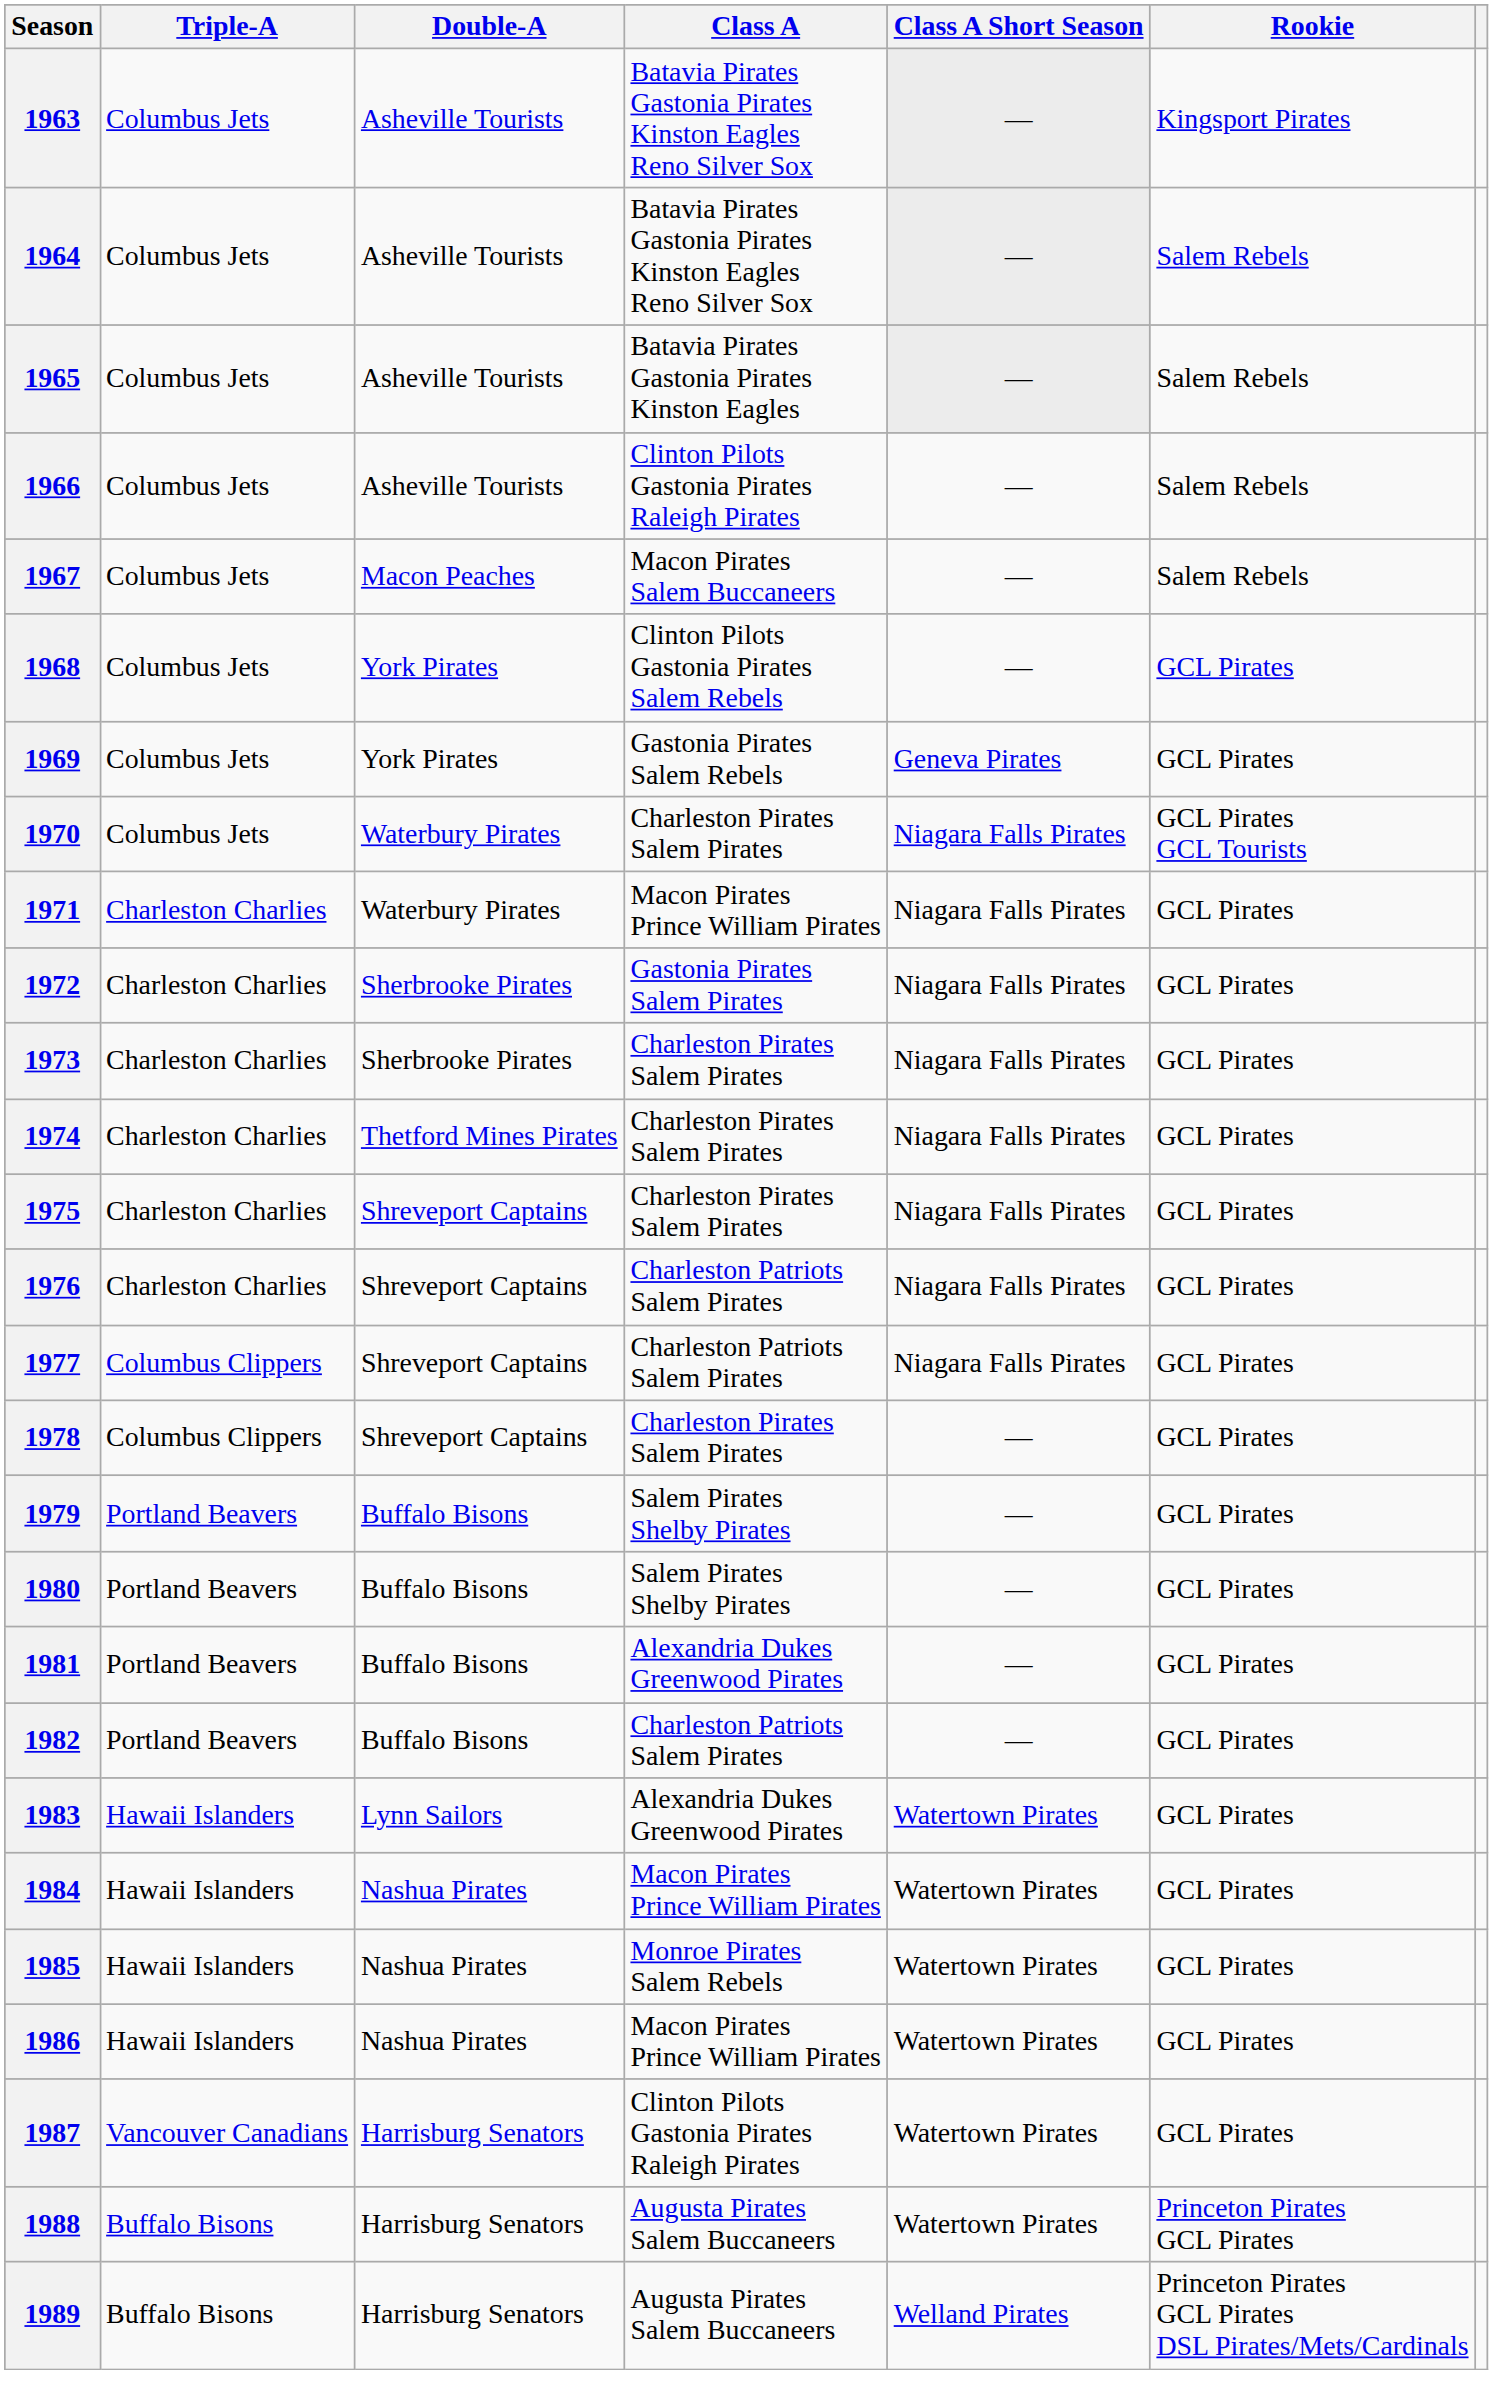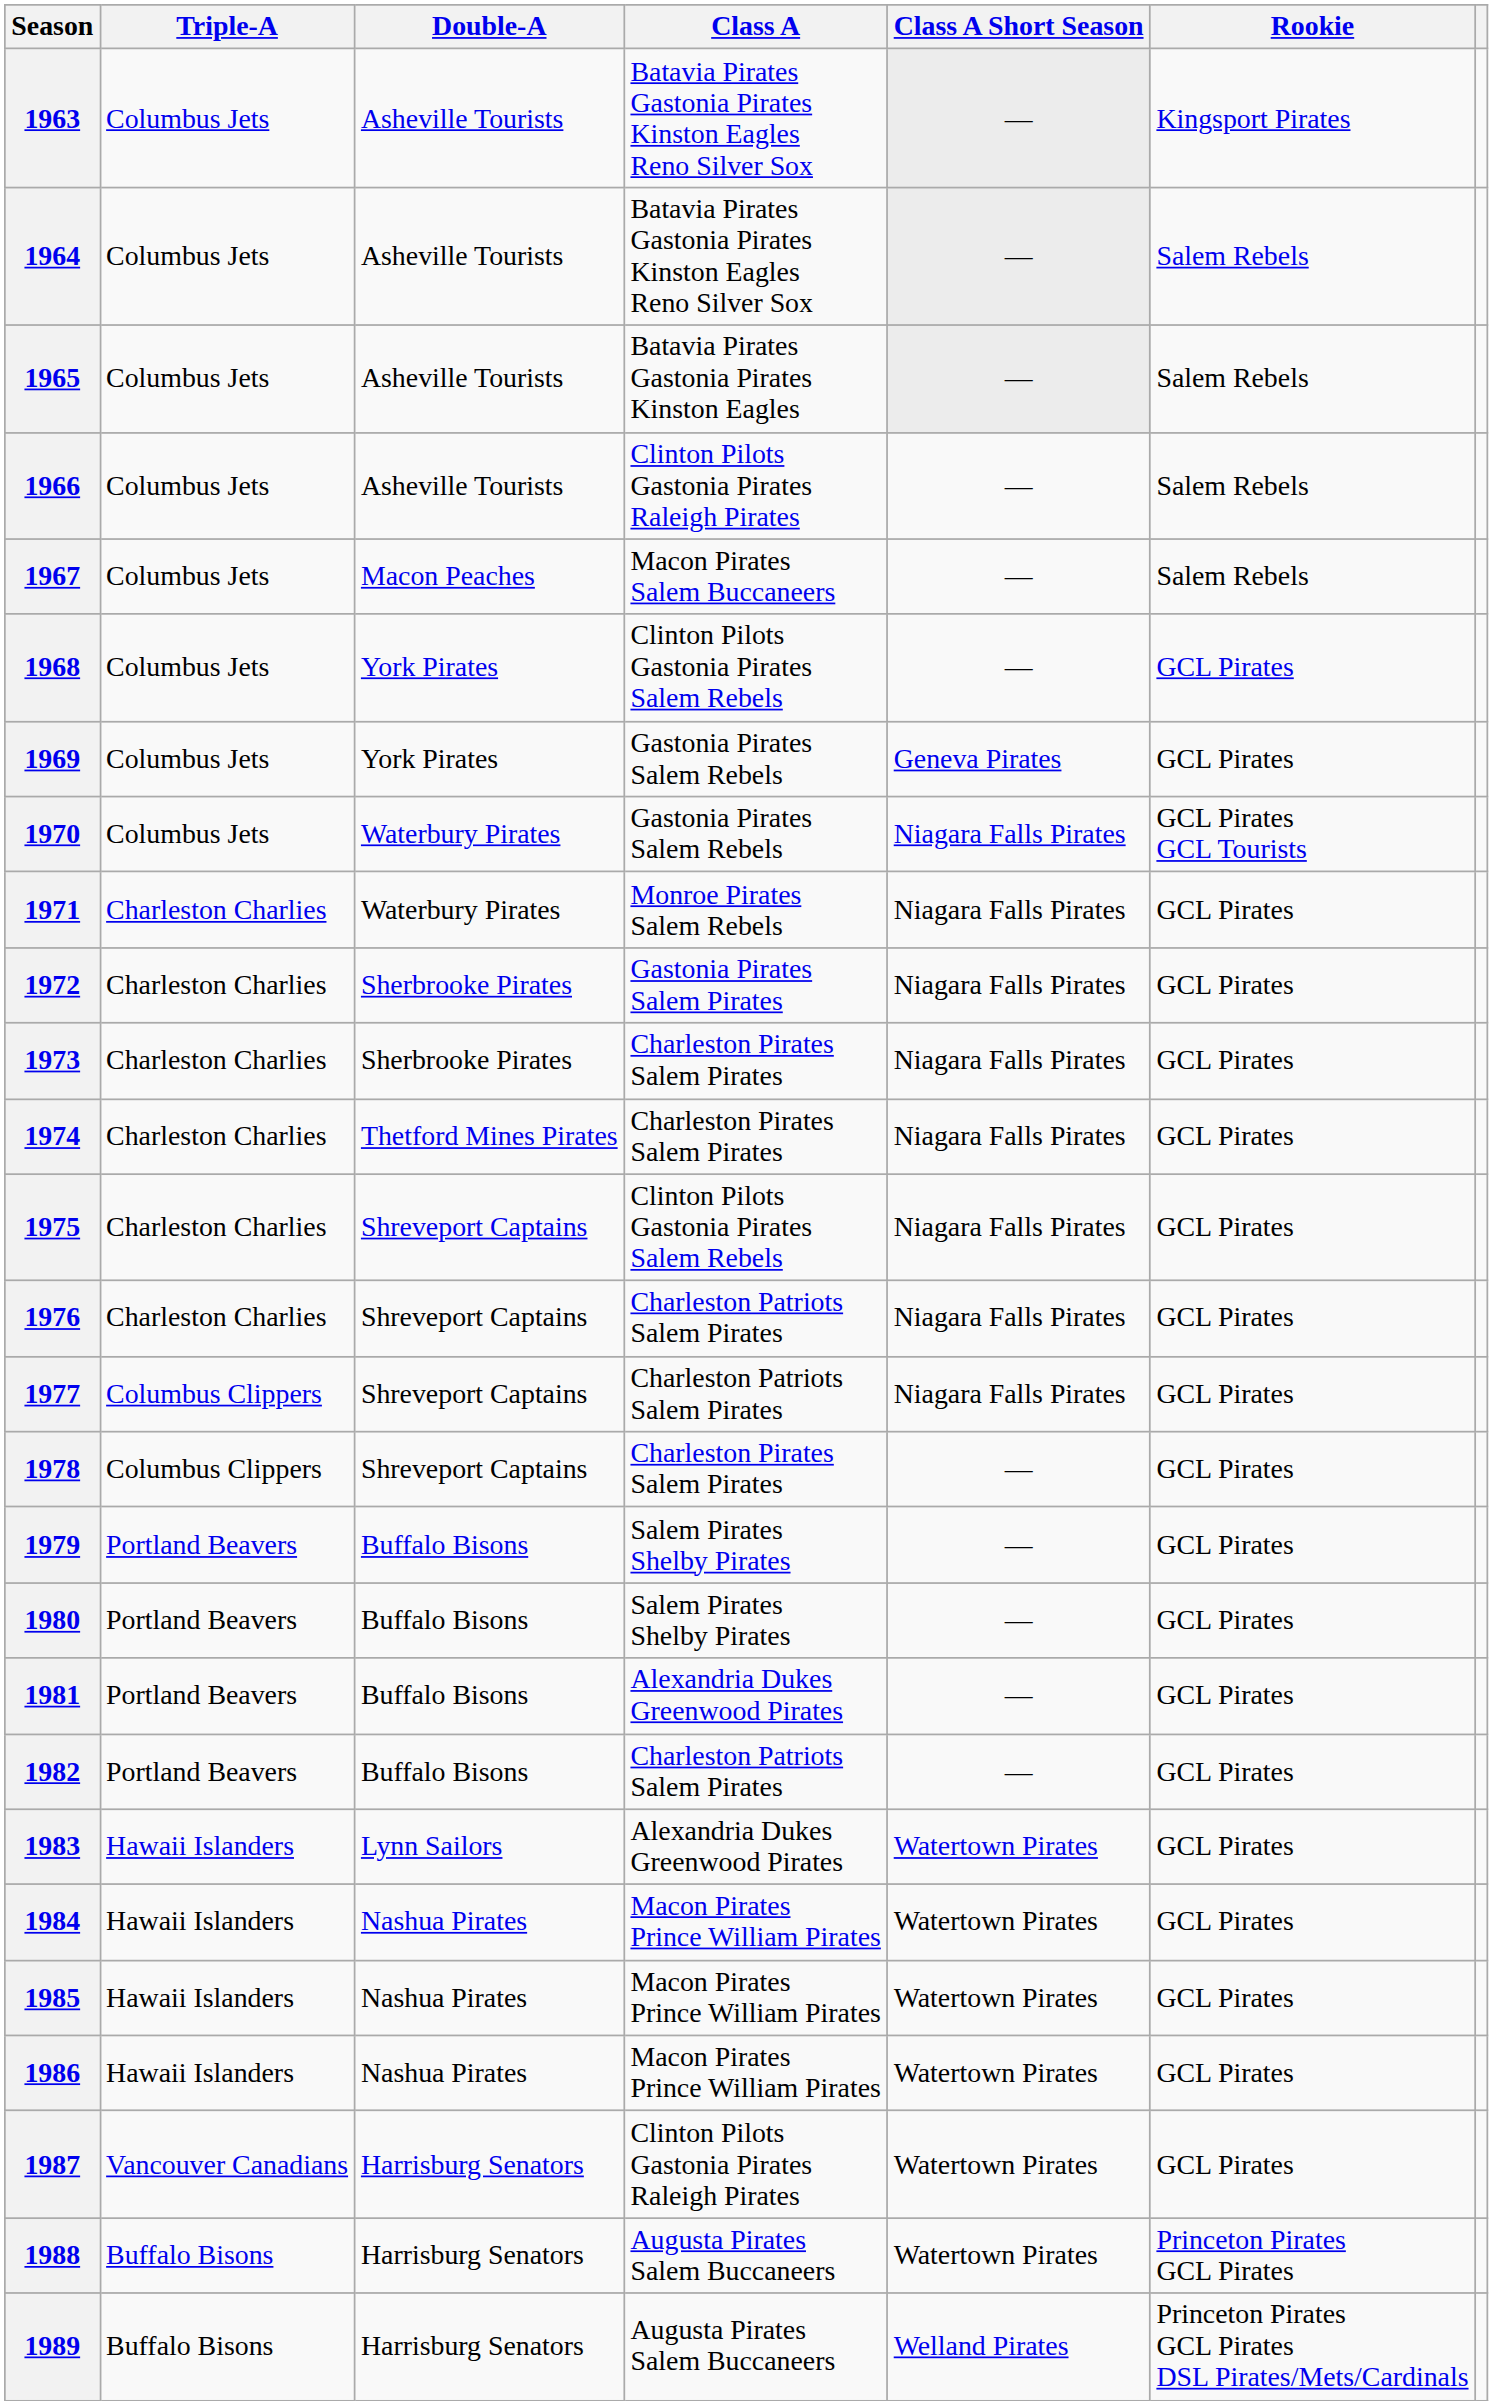 <table class="wikitable plainrowheaders">
 <tr>
 <th scope="col">Season</th>
 <th scope="col"><a href='#'><span>Triple-A</span></a></th>
 <th scope="col"><a href='#'><span>Double-A</span></a></th>
 <th scope="col"><a href='#'><span>Class A</span></a></th>
 <th scope="col"><a href='#'><span>Class A Short Season</span></a></th>
 <th scope="col"><a href='#'><span>Rookie</span></a></th>
 <th scope="col"></th>
 </tr>
 <tr>
 <th scope="row" style="text-align:center"><a href='#'>1963</a></th>
 <td><a href='#'>Columbus Jets</a></td>
 <td><a href='#'>Asheville Tourists</a></td>
 <td><a href='#'>Batavia Pirates</a><br><a href='#'>Gastonia Pirates</a><br><a href='#'>Kinston Eagles</a><br><a href='#'>Reno Silver Sox</a></td>
 <td style="background:#ececec" align="center">—</td>
 <td><a href='#'>Kingsport Pirates</a></td>
 <td align="center"></td>
 </tr>
 <tr>
 <th scope="row" style="text-align:center"><a href='#'>1964</a></th>
 <td>Columbus Jets</td>
 <td>Asheville Tourists</td>
 <td>Batavia Pirates<br>Gastonia Pirates<br>Kinston Eagles<br>Reno Silver Sox</td>
 <td style="background:#ececec" align="center">—</td>
 <td><a href='#'>Salem Rebels</a></td>
 <td align="center"></td>
 </tr>
 <tr>
 <th scope="row" style="text-align:center"><a href='#'>1965</a></th>
 <td>Columbus Jets</td>
 <td>Asheville Tourists</td>
 <td>Batavia Pirates<br>Gastonia Pirates<br>Kinston Eagles</td>
 <td style="background:#ececec" align="center">—</td>
 <td>Salem Rebels</td>
 <td align="center"></td>
 </tr>
 <tr>
 <th scope="row" style="text-align:center"><a href='#'>1966</a></th>
 <td>Columbus Jets</td>
 <td>Asheville Tourists</td>
 <td><a href='#'>Clinton Pilots</a><br>Gastonia Pirates<br><a href='#'>Raleigh Pirates</a></td>
 <td align="center">—</td>
 <td>Salem Rebels</td>
 <td align="center"></td>
 </tr>
 <tr>
 <th scope="row" style="text-align:center"><a href='#'>1967</a></th>
 <td>Columbus Jets</td>
 <td><a href='#'>Macon Peaches</a></td>
 <td>Macon Pirates<br><a href='#'>Salem Buccaneers</a></td>
 <td align="center">—</td>
 <td>Salem Rebels</td>
 <td align="center"></td>
 </tr>
 <tr>
 <th scope="row" style="text-align:center"><a href='#'>1968</a></th>
 <td>Columbus Jets</td>
 <td><a href='#'>York Pirates</a></td>
 <td>Clinton Pilots<br>Gastonia Pirates<br><a href='#'>Salem Rebels</a></td>
 <td align="center">—</td>
 <td><a href='#'>GCL Pirates</a></td>
 <td align="center"></td>
 </tr>
 <tr>
 <th scope="row" style="text-align:center"><a href='#'>1969</a></th>
 <td>Columbus Jets</td>
 <td>York Pirates</td>
 <td>Gastonia Pirates<br>Salem Rebels</td>
 <td><a href='#'>Geneva Pirates</a></td>
 <td>GCL Pirates</td>
 <td align="center"></td>
 </tr>
 <tr>
 <th scope="row" style="text-align:center"><a href='#'>1970</a></th>
 <td>Columbus Jets</td>
 <td><a href='#'>Waterbury Pirates</a></td>
-<td>Charleston Pirates<br>Salem Pirates</td>
+<td>Gastonia Pirates<br>Salem Rebels</td>
 <td><a href='#'>Niagara Falls Pirates</a></td>
 <td>GCL Pirates<br><a href='#'>GCL Tourists</a></td>
 <td align="center"></td>
 </tr>
 <tr>
 <th scope="row" style="text-align:center"><a href='#'>1971</a></th>
 <td><a href='#'>Charleston Charlies</a></td>
 <td>Waterbury Pirates</td>
-<td>Macon Pirates<br>Prince William Pirates</td>
+<td><a href='#'>Monroe Pirates</a><br>Salem Rebels</td>
 <td>Niagara Falls Pirates</td>
 <td>GCL Pirates</td>
 <td align="center"></td>
 </tr>
 <tr>
 <th scope="row" style="text-align:center"><a href='#'>1972</a></th>
 <td>Charleston Charlies</td>
 <td><a href='#'>Sherbrooke Pirates</a></td>
 <td><a href='#'>Gastonia Pirates</a><br><a href='#'>Salem Pirates</a></td>
 <td>Niagara Falls Pirates</td>
 <td>GCL Pirates</td>
 <td align="center"></td>
 </tr>
 <tr>
 <th scope="row" style="text-align:center"><a href='#'>1973</a></th>
 <td>Charleston Charlies</td>
 <td>Sherbrooke Pirates</td>
 <td><a href='#'>Charleston Pirates</a><br>Salem Pirates</td>
 <td>Niagara Falls Pirates</td>
 <td>GCL Pirates</td>
 <td align="center"></td>
 </tr>
 <tr>
 <th scope="row" style="text-align:center"><a href='#'>1974</a></th>
 <td>Charleston Charlies</td>
 <td><a href='#'>Thetford Mines Pirates</a></td>
 <td>Charleston Pirates<br>Salem Pirates</td>
 <td>Niagara Falls Pirates</td>
 <td>GCL Pirates</td>
 <td align="center"></td>
 </tr>
 <tr>
 <th scope="row" style="text-align:center"><a href='#'>1975</a></th>
 <td>Charleston Charlies</td>
 <td><a href='#'>Shreveport Captains</a></td>
-<td>Charleston Pirates<br>Salem Pirates</td>
+<td>Clinton Pilots<br>Gastonia Pirates<br><a href='#'>Salem Rebels</a></td>
 <td>Niagara Falls Pirates</td>
 <td>GCL Pirates</td>
 <td align="center"></td>
 </tr>
 <tr>
 <th scope="row" style="text-align:center"><a href='#'>1976</a></th>
 <td>Charleston Charlies</td>
 <td>Shreveport Captains</td>
 <td><a href='#'>Charleston Patriots</a><br>Salem Pirates</td>
 <td>Niagara Falls Pirates</td>
 <td>GCL Pirates</td>
 <td align="center"></td>
 </tr>
 <tr>
 <th scope="row" style="text-align:center"><a href='#'>1977</a></th>
 <td><a href='#'>Columbus Clippers</a></td>
 <td>Shreveport Captains</td>
 <td>Charleston Patriots<br>Salem Pirates</td>
 <td>Niagara Falls Pirates</td>
 <td>GCL Pirates</td>
 <td align="center"></td>
 </tr>
 <tr>
 <th scope="row" style="text-align:center"><a href='#'>1978</a></th>
 <td>Columbus Clippers</td>
 <td>Shreveport Captains</td>
 <td><a href='#'>Charleston Pirates</a><br>Salem Pirates</td>
 <td align="center">—</td>
 <td>GCL Pirates</td>
 <td align="center"></td>
 </tr>
 <tr>
 <th scope="row" style="text-align:center"><a href='#'>1979</a></th>
 <td><a href='#'>Portland Beavers</a></td>
 <td><a href='#'>Buffalo Bisons</a></td>
 <td>Salem Pirates<br><a href='#'>Shelby Pirates</a></td>
 <td align="center">—</td>
 <td>GCL Pirates</td>
 <td align="center"></td>
 </tr>
 <tr>
 <th scope="row" style="text-align:center"><a href='#'>1980</a></th>
 <td>Portland Beavers</td>
 <td>Buffalo Bisons</td>
 <td>Salem Pirates<br>Shelby Pirates</td>
 <td align="center">—</td>
 <td>GCL Pirates</td>
 <td align="center"></td>
 </tr>
 <tr>
 <th scope="row" style="text-align:center"><a href='#'>1981</a></th>
 <td>Portland Beavers</td>
 <td>Buffalo Bisons</td>
 <td><a href='#'>Alexandria Dukes</a><br><a href='#'>Greenwood Pirates</a></td>
 <td align="center">—</td>
 <td>GCL Pirates</td>
 <td align="center"></td>
 </tr>
 <tr>
 <th scope="row" style="text-align:center"><a href='#'>1982</a></th>
 <td>Portland Beavers</td>
 <td>Buffalo Bisons</td>
 <td><a href='#'>Charleston Patriots</a><br>Salem Pirates</td>
 <td align="center">—</td>
 <td>GCL Pirates</td>
 <td align="center"></td>
 </tr>
 <tr>
 <th scope="row" style="text-align:center"><a href='#'>1983</a></th>
 <td><a href='#'>Hawaii Islanders</a></td>
 <td><a href='#'>Lynn Sailors</a></td>
 <td>Alexandria Dukes<br>Greenwood Pirates</td>
 <td><a href='#'>Watertown Pirates</a></td>
 <td>GCL Pirates</td>
 <td align="center"></td>
 </tr>
 <tr>
 <th scope="row" style="text-align:center"><a href='#'>1984</a></th>
 <td>Hawaii Islanders</td>
 <td><a href='#'>Nashua Pirates</a></td>
 <td><a href='#'>Macon Pirates</a><br><a href='#'>Prince William Pirates</a></td>
 <td>Watertown Pirates</td>
 <td>GCL Pirates</td>
 <td align="center"></td>
 </tr>
 <tr>
 <th scope="row" style="text-align:center"><a href='#'>1985</a></th>
 <td>Hawaii Islanders</td>
 <td>Nashua Pirates</td>
-<td><a href='#'>Monroe Pirates</a><br>Salem Rebels</td>
+<td>Macon Pirates<br>Prince William Pirates</td>
 <td>Watertown Pirates</td>
 <td>GCL Pirates</td>
 <td align="center"></td>
 </tr>
 <tr>
 <th scope="row" style="text-align:center"><a href='#'>1986</a></th>
 <td>Hawaii Islanders</td>
 <td>Nashua Pirates</td>
 <td>Macon Pirates<br>Prince William Pirates</td>
 <td>Watertown Pirates</td>
 <td>GCL Pirates</td>
 <td align="center"></td>
 </tr>
 <tr>
 <th scope="row" style="text-align:center"><a href='#'>1987</a></th>
 <td><a href='#'>Vancouver Canadians</a></td>
 <td><a href='#'>Harrisburg Senators</a></td>
 <td>Clinton Pilots<br>Gastonia Pirates<br>Raleigh Pirates</td>
 <td>Watertown Pirates</td>
 <td>GCL Pirates</td>
 <td align="center"></td>
 </tr>
 <tr>
 <th scope="row" style="text-align:center"><a href='#'>1988</a></th>
 <td><a href='#'>Buffalo Bisons</a></td>
 <td>Harrisburg Senators</td>
 <td><a href='#'>Augusta Pirates</a><br>Salem Buccaneers</td>
 <td>Watertown Pirates</td>
 <td><a href='#'>Princeton Pirates</a><br>GCL Pirates</td>
 <td align="center"></td>
 </tr>
 <tr>
 <th scope="row" style="text-align:center"><a href='#'>1989</a></th>
 <td>Buffalo Bisons</td>
 <td>Harrisburg Senators</td>
 <td>Augusta Pirates<br>Salem Buccaneers</td>
 <td><a href='#'>Welland Pirates</a></td>
 <td>Princeton Pirates<br>GCL Pirates<br><a href='#'>DSL Pirates/Mets/Cardinals</a></td>
 <td align="center"></td>
 </tr>
 </table>
